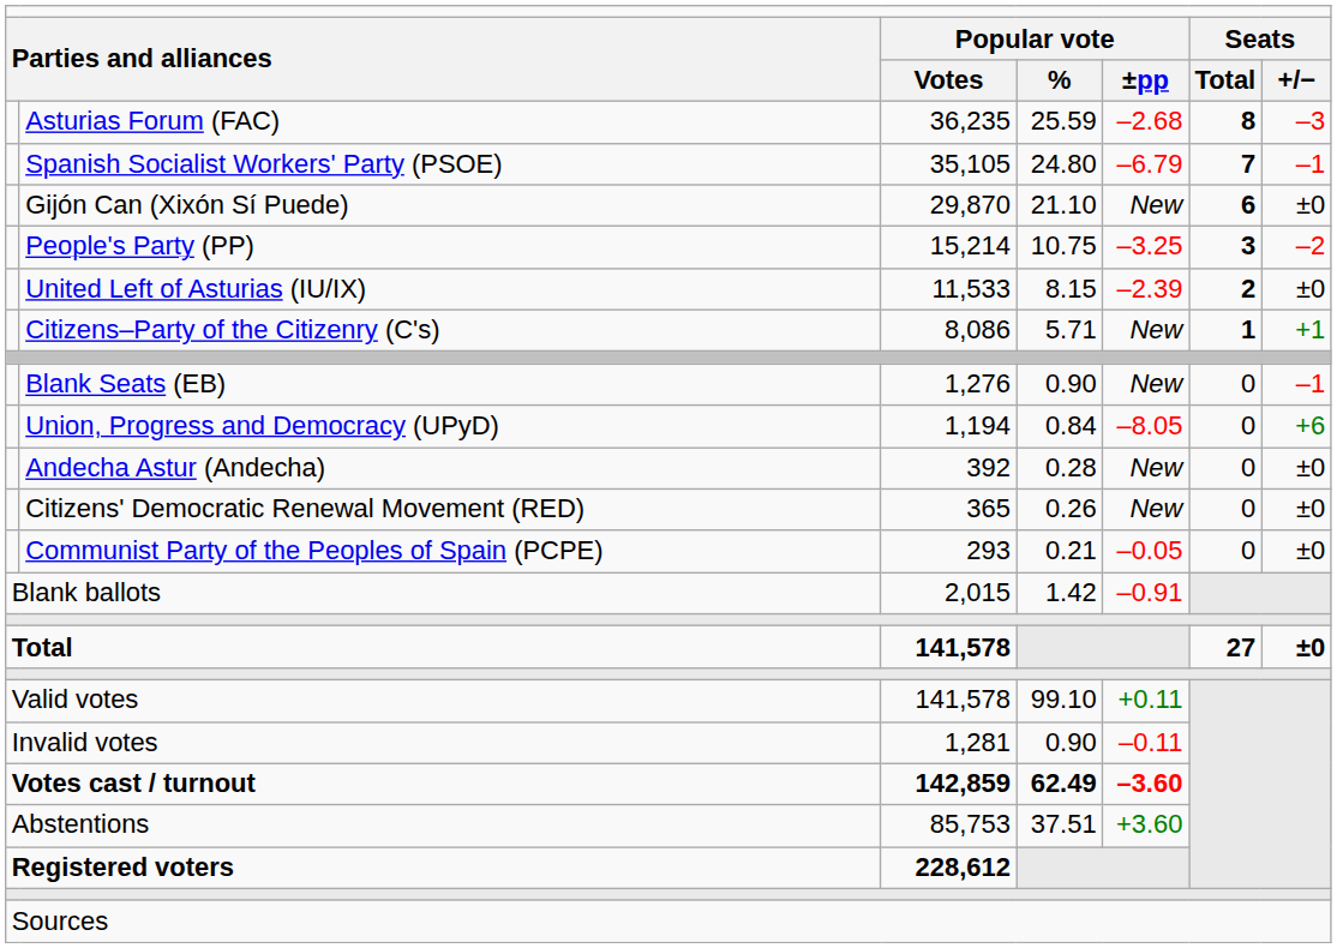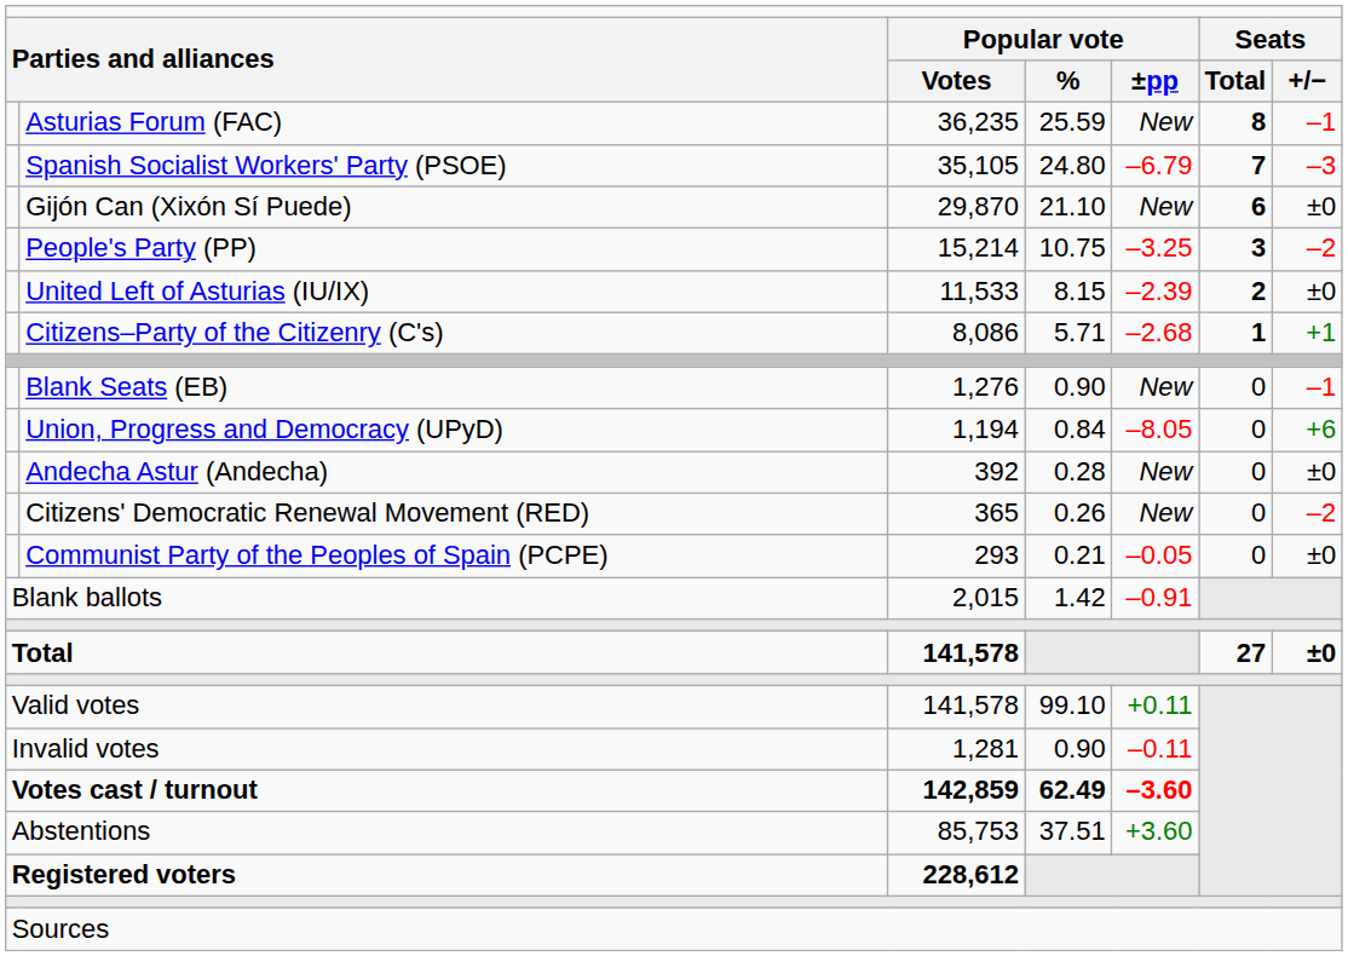 <table class="wikitable" style="text-align:right;">
 <tr>
 <td colspan="7"></td>
 </tr>
 <tr>
 <th style="text-align:left;" rowspan="2" colspan="2" width="525">Parties and alliances</th>
 <th colspan="3">Popular vote</th>
 <th colspan="2">Seats</th>
 </tr>
 <tr>
 <th width="75">Votes</th>
 <th width="45">%</th>
 <th width="45">±<a href='#'>pp</a></th>
 <th width="35">Total</th>
 <th width="35">+/−</th>
 </tr>
 <tr>
 <td width="1" style="color:inherit;background:"></td>
 <td align="left"><a href='#'>Asturias Forum</a> (FAC)</td>
 <td>36,235</td>
 <td>25.59</td>
-<td style="color:red;">–2.68</td>
+<td><em>New</em></td>
 <td><strong>8</strong></td>
-<td style="color:red;">–3</td>
+<td style="color:red;">–1</td>
 </tr>
 <tr>
 <td style="color:inherit;background:"></td>
 <td align="left"><a href='#'>Spanish Socialist Workers' Party</a> (PSOE)</td>
 <td>35,105</td>
 <td>24.80</td>
 <td style="color:red;">–6.79</td>
 <td><strong>7</strong></td>
-<td style="color:red;">–1</td>
+<td style="color:red;">–3</td>
 </tr>
 <tr>
 <td style="color:inherit;background:"></td>
 <td align="left">Gijón Can (Xixón Sí Puede)</td>
 <td>29,870</td>
 <td>21.10</td>
 <td><em>New</em></td>
 <td><strong>6</strong></td>
 <td>±0</td>
 </tr>
 <tr>
 <td style="color:inherit;background:"></td>
 <td align="left"><a href='#'>People's Party</a> (PP)</td>
 <td>15,214</td>
 <td>10.75</td>
 <td style="color:red;">–3.25</td>
 <td><strong>3</strong></td>
 <td style="color:red;">–2</td>
 </tr>
 <tr>
 <td style="color:inherit;background:"></td>
 <td align="left"><a href='#'>United Left of Asturias</a> (IU/IX)</td>
 <td>11,533</td>
 <td>8.15</td>
 <td style="color:red;">–2.39</td>
 <td><strong>2</strong></td>
 <td>±0</td>
 </tr>
 <tr>
 <td style="color:inherit;background:"></td>
 <td align="left"><a href='#'>Citizens–Party of the Citizenry</a> (C's)</td>
 <td>8,086</td>
 <td>5.71</td>
-<td><em>New</em></td>
+<td style="color:red;">–2.68</td>
 <td><strong>1</strong></td>
 <td style="color:green;">+1</td>
 </tr>
 <tr>
 <td colspan="7" bgcolor="#C0C0C0"></td>
 </tr>
 <tr>
 <td style="color:inherit;background:"></td>
 <td align="left"><a href='#'>Blank Seats</a> (EB)</td>
 <td>1,276</td>
 <td>0.90</td>
 <td><em>New</em></td>
 <td>0</td>
 <td style="color:red;">–1</td>
 </tr>
 <tr>
 <td style="color:inherit;background:"></td>
 <td align="left"><a href='#'>Union, Progress and Democracy</a> (UPyD)</td>
 <td>1,194</td>
 <td>0.84</td>
 <td style="color:red;">–8.05</td>
 <td>0</td>
 <td style="color:green;">+6</td>
 </tr>
 <tr>
 <td style="color:inherit;background:"></td>
 <td align="left"><a href='#'>Andecha Astur</a> (Andecha)</td>
 <td>392</td>
 <td>0.28</td>
 <td><em>New</em></td>
 <td>0</td>
 <td>±0</td>
 </tr>
 <tr>
 <td style="color:inherit;background:"></td>
 <td align="left">Citizens' Democratic Renewal Movement (RED)</td>
 <td>365</td>
 <td>0.26</td>
 <td><em>New</em></td>
 <td>0</td>
-<td>±0</td>
+<td style="color:red;">–2</td>
 </tr>
 <tr>
 <td style="color:inherit;background:"></td>
 <td align="left"><a href='#'>Communist Party of the Peoples of Spain</a> (PCPE)</td>
 <td>293</td>
 <td>0.21</td>
 <td style="color:red;">–0.05</td>
 <td>0</td>
 <td>±0</td>
 </tr>
 <tr>
 <td align="left" colspan="2">Blank ballots</td>
 <td>2,015</td>
 <td>1.42</td>
 <td style="color:red;">–0.91</td>
 <td bgcolor="#E9E9E9" colspan="2"></td>
 </tr>
 <tr>
 <td colspan="7" bgcolor="#E9E9E9"></td>
 </tr>
 <tr style="font-weight:bold;">
 <td align="left" colspan="2">Total</td>
 <td>141,578</td>
 <td bgcolor="#E9E9E9" colspan="2"></td>
 <td>27</td>
 <td>±0</td>
 </tr>
 <tr>
 <td colspan="7" bgcolor="#E9E9E9"></td>
 </tr>
 <tr>
 <td align="left" colspan="2">Valid votes</td>
 <td>141,578</td>
 <td>99.10</td>
 <td style="color:green;">+0.11</td>
 <td bgcolor="#E9E9E9" colspan="2" rowspan="5"></td>
 </tr>
 <tr>
 <td align="left" colspan="2">Invalid votes</td>
 <td>1,281</td>
 <td>0.90</td>
 <td style="color:red;">–0.11</td>
 </tr>
 <tr style="font-weight:bold;">
 <td align="left" colspan="2">Votes cast / turnout</td>
 <td>142,859</td>
 <td>62.49</td>
 <td style="color:red;">–3.60</td>
 </tr>
 <tr>
 <td align="left" colspan="2">Abstentions</td>
 <td>85,753</td>
 <td>37.51</td>
 <td style="color:green;">+3.60</td>
 </tr>
 <tr style="font-weight:bold;">
 <td align="left" colspan="2">Registered voters</td>
 <td>228,612</td>
 <td bgcolor="#E9E9E9" colspan="2"></td>
 </tr>
 <tr>
 <td colspan="7" bgcolor="#E9E9E9"></td>
 </tr>
 <tr>
 <td align="left" colspan="7">Sources</td>
 </tr>
 </table>
